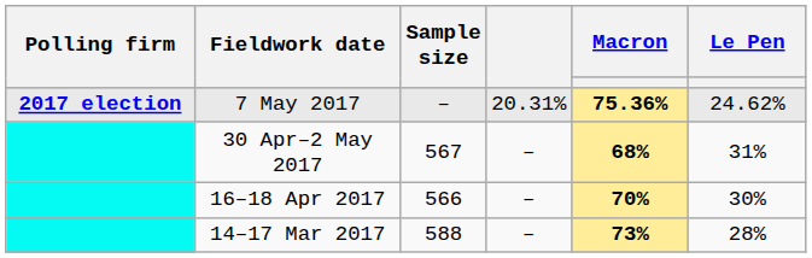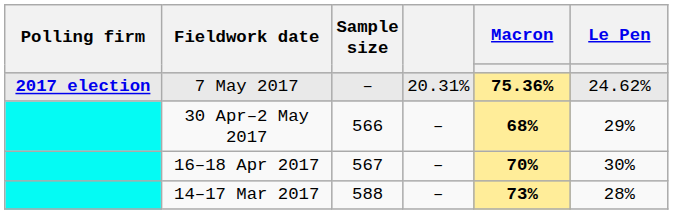 <table class="wikitable sortable" style="text-align:center;font-size:90%;line-height:14px;">
 <tr style="height:40px;">
 <th style="width:100px;" rowspan="2">Polling firm</th>
 <th style="width:110px;" rowspan="2">Fieldwork date</th>
 <th style="width:35px;" rowspan="2">Sample<br>size</th>
 <th style="width:30px;" rowspan="2"></th>
 <th class="unsortable" style="width:60px;"><a href='#'>Macron</a><br></th>
 <th class="unsortable" style="width:60px;"><a href='#'>Le Pen</a><br></th>
 </tr>
 <tr>
 <th style="background:"></th>
 <th style="background:"></th>
 </tr>
 <tr style="background:#E9E9E9;">
 <td><strong><a href='#'>2017 election</a></strong></td>
 <td data-sort-value="2017-05-07">7 May 2017</td>
 <td>–</td>
 <td>20.31%</td>
 <td style="background:#FFED99;"><strong>75.36%</strong></td>
 <td>24.62%</td>
 </tr>
 <tr>
 <td style="background:#04FBF4;"></td>
 <td data-sort-value="2017-05-02">30 Apr–2 May 2017</td>
-<td>567</td>
+<td>566</td>
 <td>–</td>
 <td style="background:#FFED99;"><strong>68%</strong></td>
-<td>31%</td>
+<td>29%</td>
 </tr>
 <tr>
 <td style="background:#04FBF4;"></td>
 <td data-sort-value="2017-04-18">16–18 Apr 2017</td>
-<td>566</td>
+<td>567</td>
 <td>–</td>
 <td style="background:#FFED99;"><strong>70%</strong></td>
 <td>30%</td>
 </tr>
 <tr>
 <td style="background:#04FBF4;"></td>
 <td data-sort-value="2017-03-17">14–17 Mar 2017</td>
 <td>588</td>
 <td>–</td>
 <td style="background:#FFED99;"><strong>73%</strong></td>
 <td>28%</td>
 </tr>
 </table>
